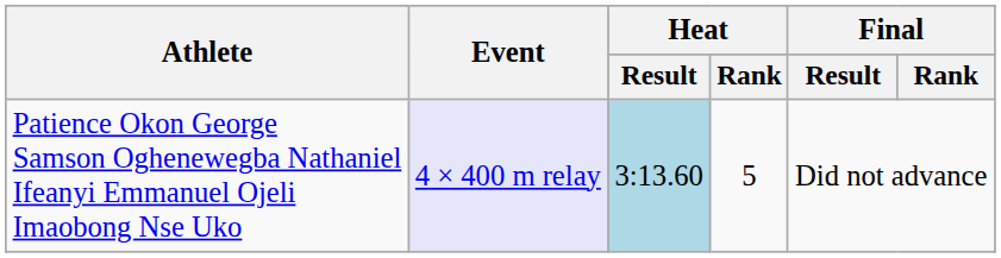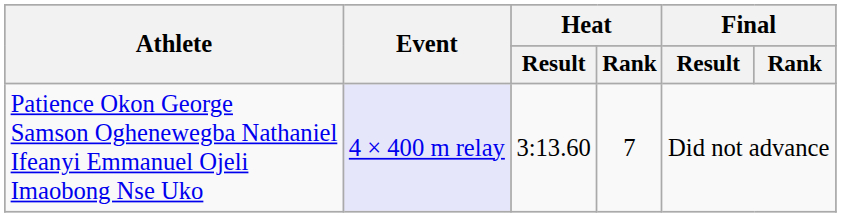 <table class="wikitable" style="font-size:90%">
 <tr>
 <th rowspan="2">Athlete</th>
 <th rowspan="2">Event</th>
 <th colspan="2">Heat</th>
 <th colspan="2">Final</th>
 </tr>
 <tr style="font-size:95%">
 <th>Result</th>
 <th>Rank</th>
 <th>Result</th>
 <th>Rank</th>
 </tr>
 <tr align=center>
 <td align=left><a href='#'>Patience Okon George</a><br><a href='#'>Samson Oghenewegba Nathaniel</a><br><a href='#'>Ifeanyi Emmanuel Ojeli</a><br><a href='#'>Imaobong Nse Uko</a></td>
 <td align=left style="background: lavender;"><a href='#'>4 × 400 m relay</a></td>
-<td style="background: lightblue;">3:13.60 <strong></strong></td>
-<td>5</td>
+<td>3:13.60 <strong></strong></td>
+<td>7</td>
 <td colspan=2>Did not advance</td>
 </tr>
 </table>
